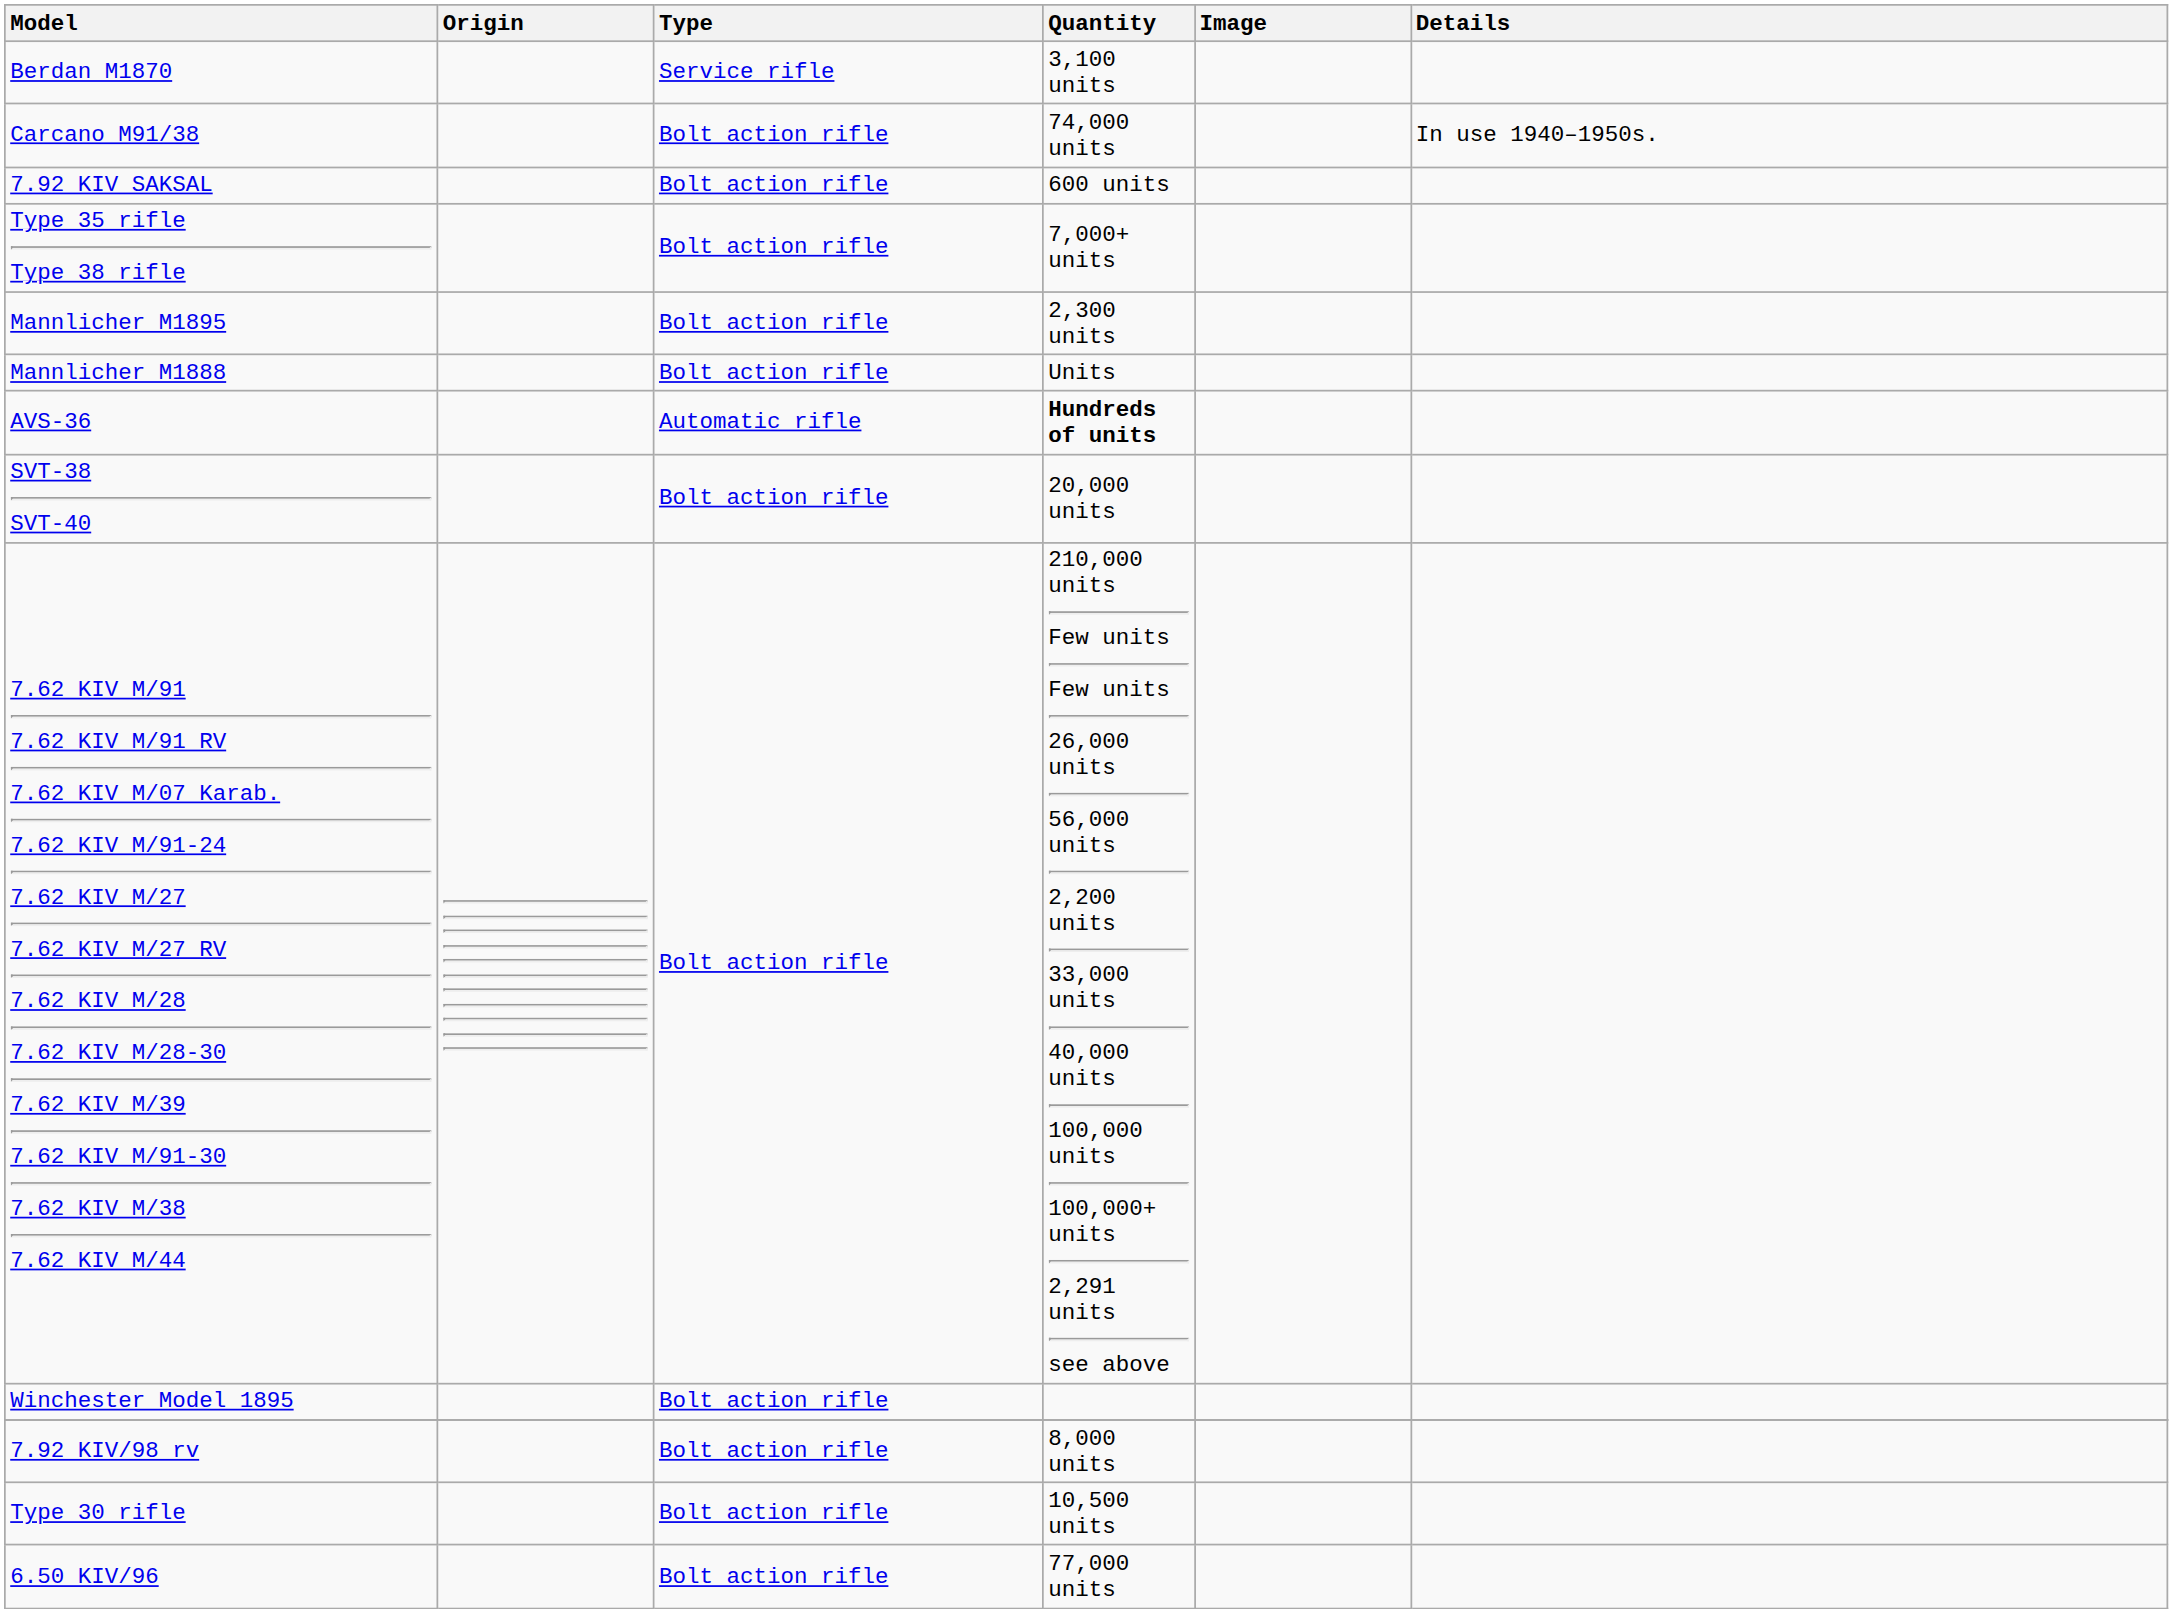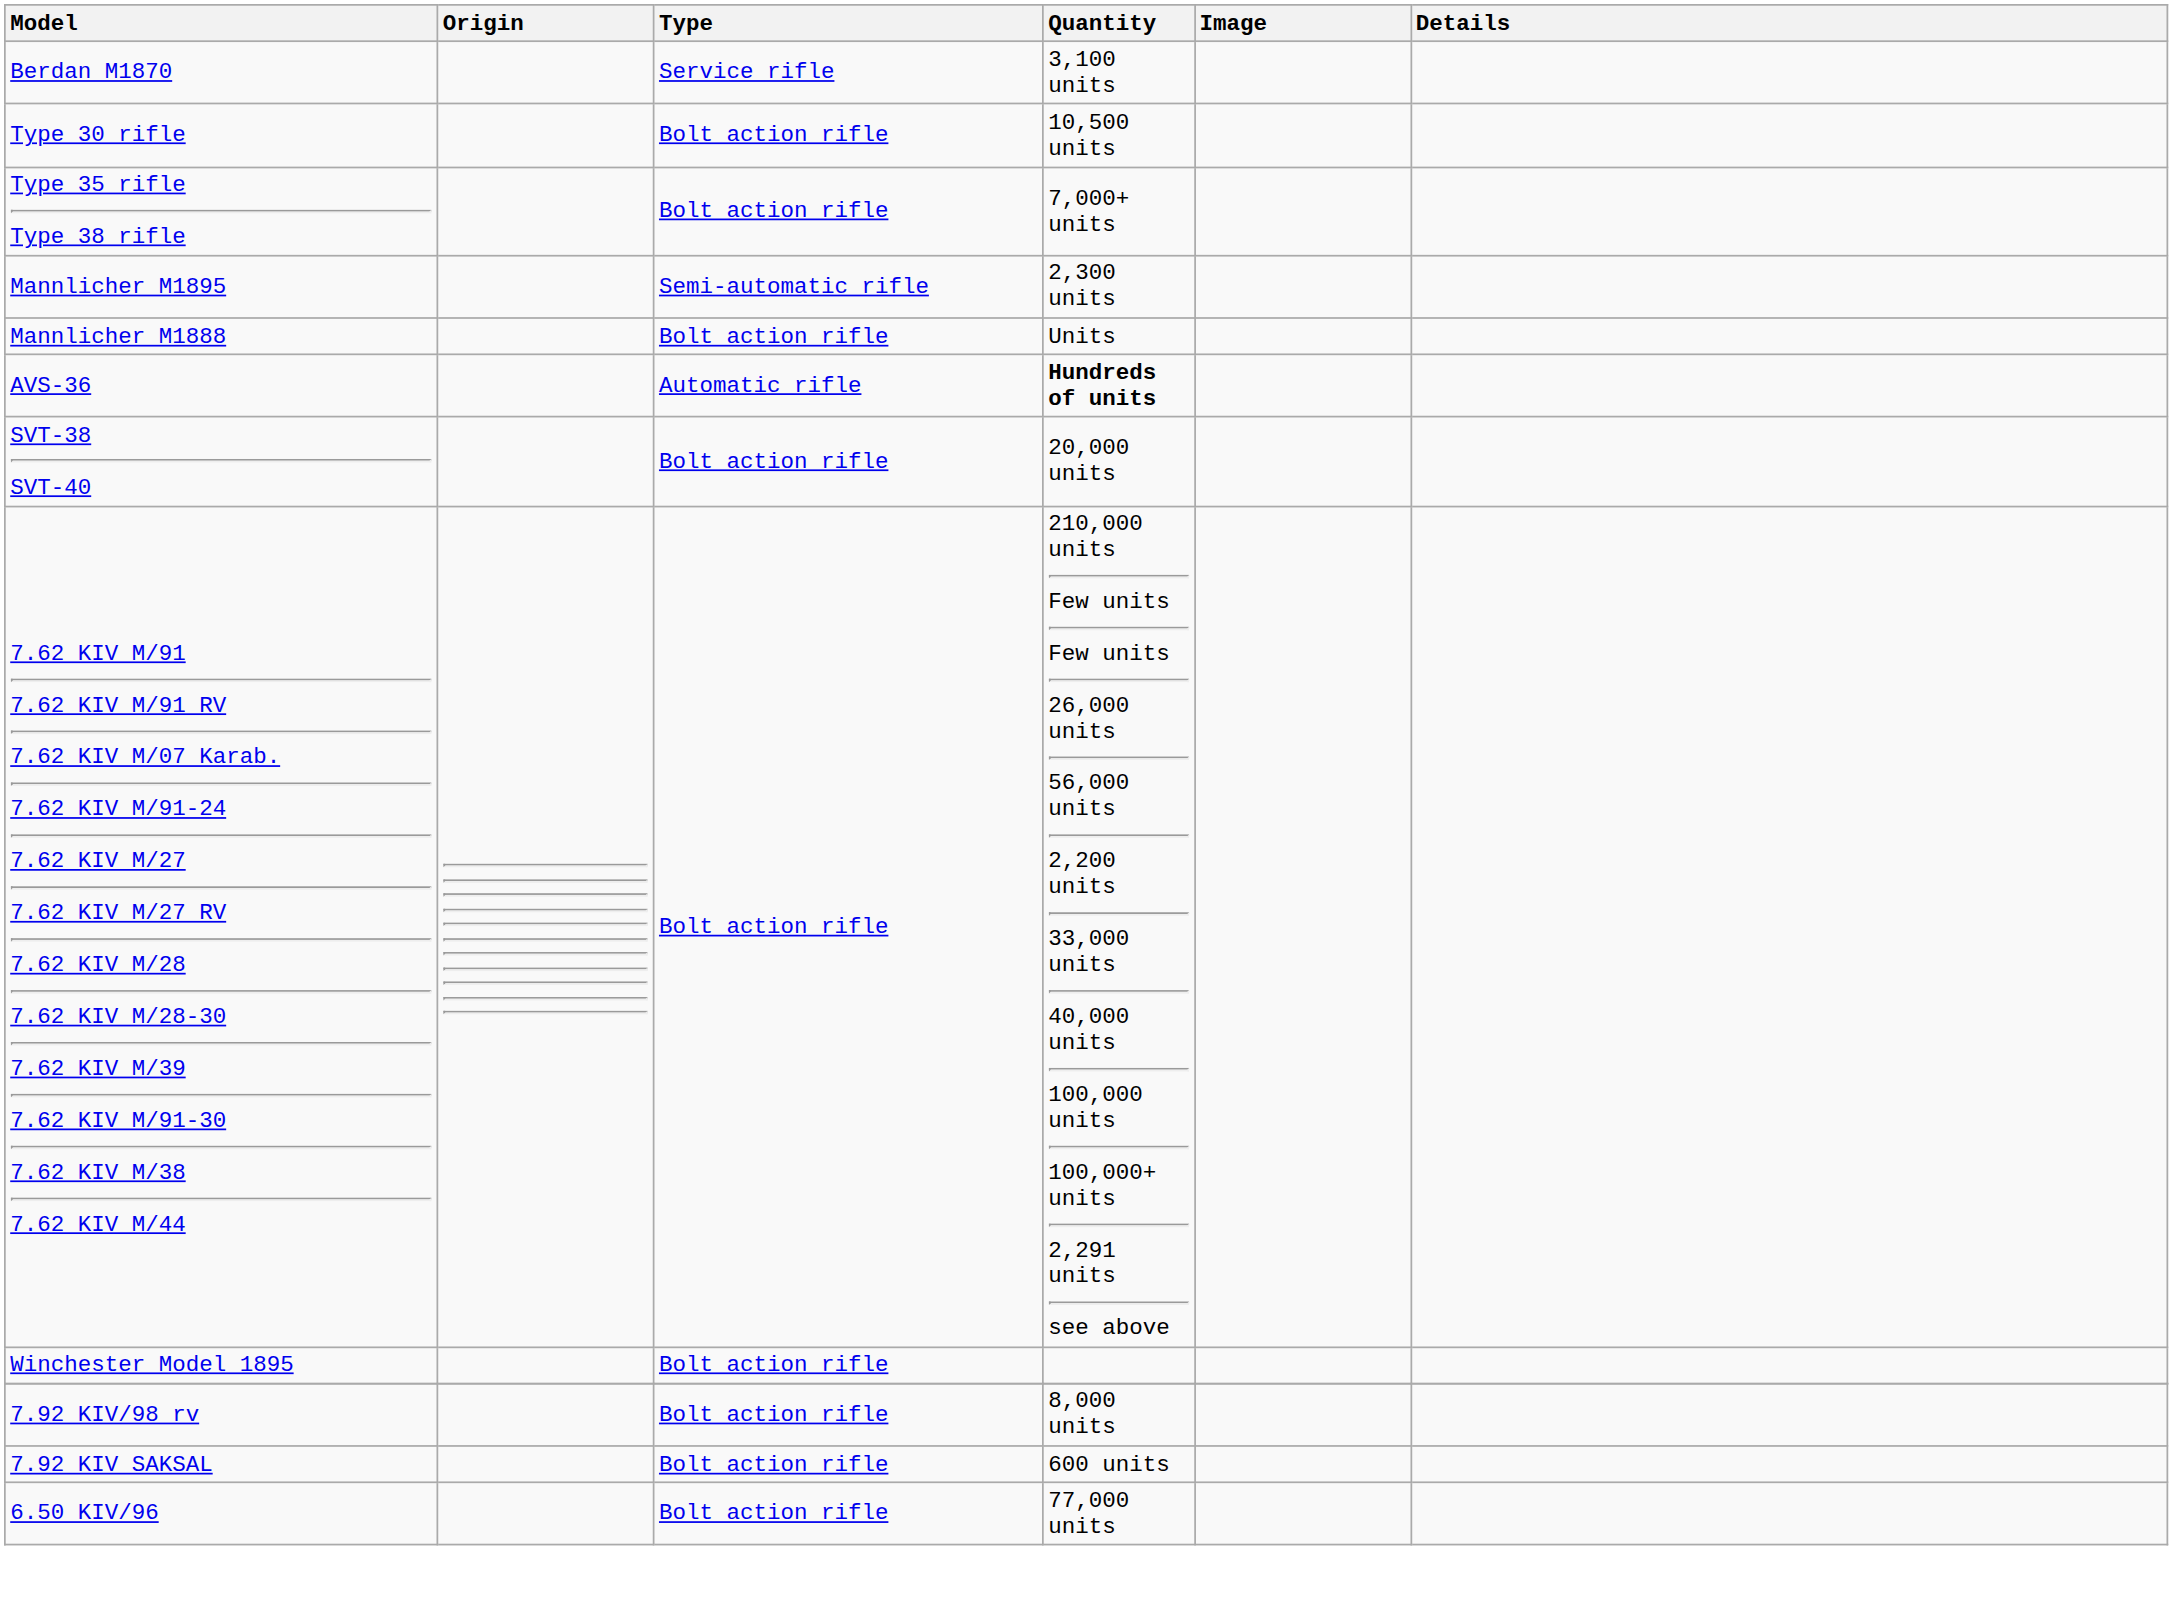 <table class="wikitable sortable">
 <tr>
 <th style="text-align: left; width:20%;">Model</th>
 <th style="text-align: left; width:10%;">Origin</th>
 <th style="text-align: left; width:18%;">Type</th>
 <th style="text-align: left; width:7%;">Quantity</th>
 <th style="text-align: left; width:10%;">Image</th>
 <th style="text-align: left; width:35%;">Details</th>
 </tr>
 <tr>
 <td><a href='#'>Berdan M1870</a></td>
 <td></td>
 <td><a href='#'>Service rifle</a></td>
 <td>3,100 units</td>
 <td></td>
 <td></td>
 </tr>
 <tr>
-<td><a href='#'>Carcano M91/38</a></td>
+<td><a href='#'>Type 30 rifle</a></td>
 <td></td>
 <td><a href='#'>Bolt action rifle</a></td>
-<td>74,000 units</td>
-<td></td>
-<td>In use 1940–1950s.</td>
-</tr>
-<tr>
-<td><a href='#'>7.92 KIV SAKSAL</a></td>
-<td></td>
-<td><a href='#'>Bolt action rifle</a></td>
-<td>600 units</td>
+<td>10,500 units</td>
 <td></td>
 <td></td>
 </tr>
 <tr>
 <td><a href='#'>Type 35 rifle</a><hr><a href='#'>Type 38 rifle</a></td>
 <td></td>
 <td><a href='#'>Bolt action rifle</a></td>
 <td>7,000+ units</td>
 <td></td>
 <td></td>
 </tr>
 <tr>
 <td><a href='#'>Mannlicher M1895</a></td>
 <td></td>
-<td><a href='#'>Bolt action rifle</a></td>
+<td><a href='#'>Semi-automatic rifle</a></td>
 <td>2,300 units</td>
 <td></td>
 <td></td>
 </tr>
 <tr>
 <td><a href='#'>Mannlicher M1888</a></td>
 <td></td>
 <td><a href='#'>Bolt action rifle</a></td>
 <td>Units</td>
 <td></td>
 <td></td>
 </tr>
 <tr>
 <td><a href='#'>AVS-36</a></td>
 <td></td>
 <td><a href='#'>Automatic rifle</a></td>
 <td><strong>Hundreds of units</strong></td>
 <td></td>
 <td></td>
 </tr>
 <tr>
 <td><a href='#'>SVT-38</a><hr><a href='#'>SVT-40</a></td>
 <td></td>
 <td><a href='#'>Bolt action rifle</a></td>
 <td>20,000 units</td>
 <td></td>
 <td></td>
 </tr>
 <tr>
 <td><br><a href='#'>7.62 KIV M/91</a><hr> <a href='#'>7.62 KIV M/91 RV</a><hr> <a href='#'>7.62 KIV M/07 Karab.</a><hr> <a href='#'>7.62 KIV M/91-24</a><hr> <a href='#'>7.62 KIV M/27</a><hr> <a href='#'>7.62 KIV M/27 RV</a><hr> <a href='#'>7.62 KIV M/28</a><hr> <a href='#'>7.62 KIV M/28-30</a><hr> <a href='#'>7.62 KIV M/39</a><hr> <a href='#'>7.62 KIV M/91-30</a><hr> <a href='#'>7.62 KIV M/38</a><hr> <a href='#'>7.62 KIV M/44</a></td>
 <td><br><hr> <hr> <hr> <hr> <hr> <hr> <hr> <hr> <hr> <hr> <hr> </td>
 <td><a href='#'>Bolt action rifle</a></td>
 <td>210,000 units<hr>Few units<hr>Few units<hr>26,000 units<hr>56,000 units<hr>2,200 units<hr>33,000 units<hr>40,000 units<hr>100,000 units<hr>100,000+ units<hr>2,291 units<hr>see above</td>
 <td></td>
 <td></td>
 </tr>
 <tr>
 <td><a href='#'>Winchester Model 1895</a></td>
 <td></td>
 <td><a href='#'>Bolt action rifle</a></td>
 <td></td>
 <td></td>
 <td></td>
 </tr>
 <tr>
 </tr>
 <tr>
 <td><a href='#'>7.92 KIV/98 rv</a></td>
 <td></td>
 <td><a href='#'>Bolt action rifle</a></td>
 <td>8,000 units</td>
 <td></td>
 <td></td>
 </tr>
 <tr>
-<td><a href='#'>Type 30 rifle</a></td>
+<td><a href='#'>7.92 KIV SAKSAL</a></td>
 <td></td>
 <td><a href='#'>Bolt action rifle</a></td>
-<td>10,500 units</td>
+<td>600 units</td>
 <td></td>
 <td></td>
 </tr>
 <tr>
 <td><a href='#'>6.50 KIV/96</a></td>
 <td></td>
 <td><a href='#'>Bolt action rifle</a></td>
 <td>77,000 units</td>
 <td></td>
 <td></td>
 </tr>
 </table>
